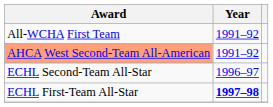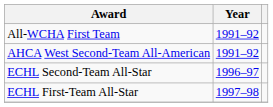 <table class="wikitable">
 <tr>
 <th>Award</th>
 <th>Year</th>
 <th></th>
 </tr>
 <tr>
 <td>All-<a href='#'>WCHA</a> <a href='#'>First Team</a></td>
 <td><a href='#'>1991–92</a></td>
 <td></td>
 </tr>
 <tr>
-<td style="background: lightsalmon;"><a href='#'>AHCA</a> <a href='#'>West Second-Team All-American</a></td>
+<td><a href='#'>AHCA</a> <a href='#'>West Second-Team All-American</a></td>
 <td><a href='#'>1991–92</a></td>
 <td></td>
 </tr>
 <tr>
 <td><a href='#'>ECHL</a> Second-Team All-Star</td>
 <td><a href='#'>1996–97</a></td>
 <td></td>
 </tr>
 <tr>
 <td><a href='#'>ECHL</a> First-Team All-Star</td>
-<td><strong><a href='#'>1997–98</a></strong></td>
+<td><a href='#'>1997–98</a></td>
 <td></td>
 </tr>
 <tr>
 </tr>
 </table>
